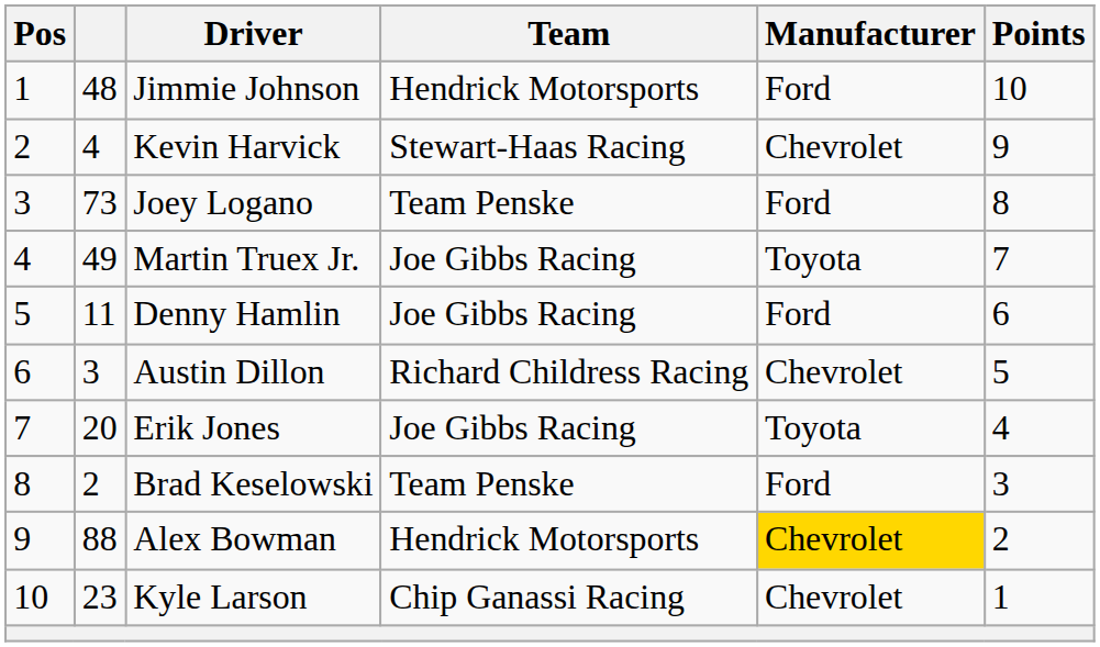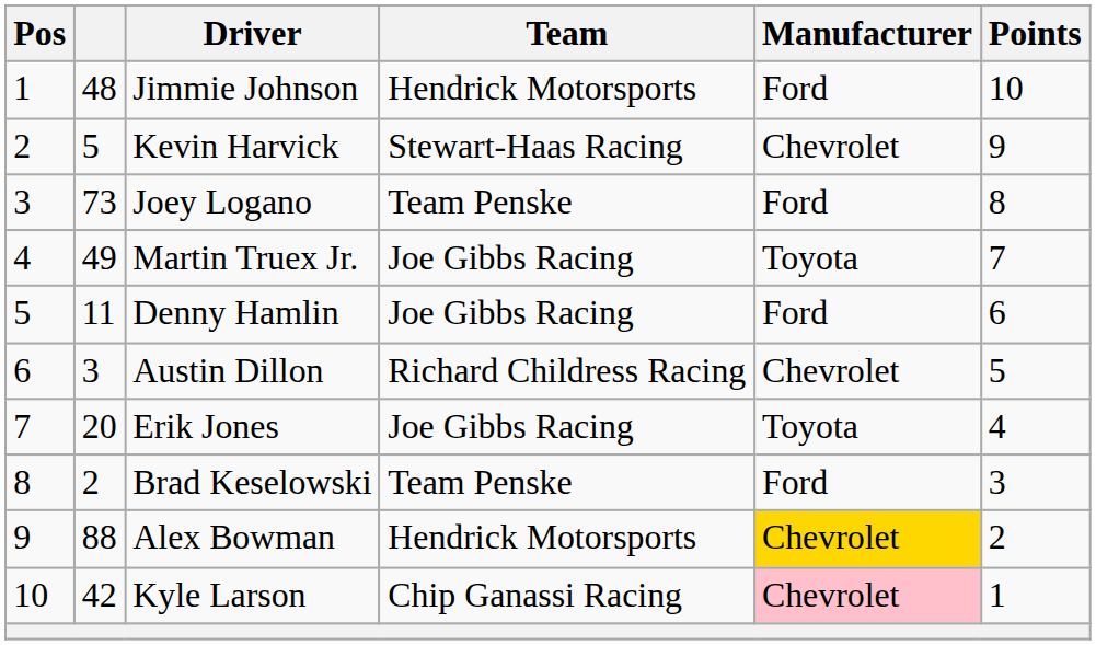 <table class="wikitable" style="font-size:98%">
 <tr>
 <th>Pos</th>
 <th></th>
 <th>Driver</th>
 <th>Team</th>
 <th>Manufacturer</th>
 <th>Points</th>
 </tr>
 <tr>
 <td>1</td>
 <td>48</td>
 <td>Jimmie Johnson</td>
 <td>Hendrick Motorsports</td>
 <td>Ford</td>
 <td>10</td>
 </tr>
 <tr>
 <td>2</td>
-<td>4</td>
+<td>5</td>
 <td>Kevin Harvick</td>
 <td>Stewart-Haas Racing</td>
 <td>Chevrolet</td>
 <td>9</td>
 </tr>
 <tr>
 <td>3</td>
 <td>73</td>
 <td>Joey Logano</td>
 <td>Team Penske</td>
 <td>Ford</td>
 <td>8</td>
 </tr>
 <tr>
 <td>4</td>
 <td>49</td>
 <td>Martin Truex Jr.</td>
 <td>Joe Gibbs Racing</td>
 <td>Toyota</td>
 <td>7</td>
 </tr>
 <tr>
 <td>5</td>
 <td>11</td>
 <td>Denny Hamlin</td>
 <td>Joe Gibbs Racing</td>
 <td>Ford</td>
 <td>6</td>
 </tr>
 <tr>
 <td>6</td>
 <td>3</td>
 <td>Austin Dillon</td>
 <td>Richard Childress Racing</td>
 <td>Chevrolet</td>
 <td>5</td>
 </tr>
 <tr>
 <td>7</td>
 <td>20</td>
 <td>Erik Jones</td>
 <td>Joe Gibbs Racing</td>
 <td>Toyota</td>
 <td>4</td>
 </tr>
 <tr>
 <td>8</td>
 <td>2</td>
 <td>Brad Keselowski</td>
 <td>Team Penske</td>
 <td>Ford</td>
 <td>3</td>
 </tr>
 <tr>
 <td>9</td>
 <td>88</td>
 <td>Alex Bowman</td>
 <td>Hendrick Motorsports</td>
 <td style="background: gold;">Chevrolet</td>
 <td>2</td>
 </tr>
 <tr>
 <td>10</td>
-<td>23</td>
+<td>42</td>
 <td>Kyle Larson</td>
 <td>Chip Ganassi Racing</td>
-<td>Chevrolet</td>
+<td style="background: pink;">Chevrolet</td>
 <td>1</td>
 </tr>
 <tr>
 <th colspan="6"></th>
 </tr>
 </table>
